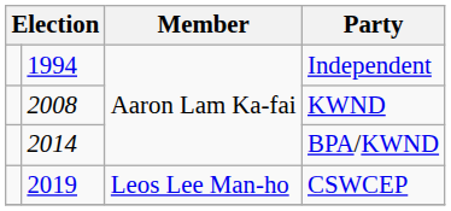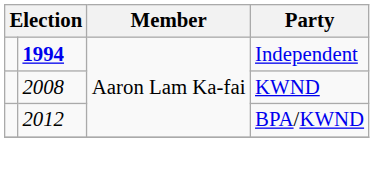 <table class="wikitable">
 <tr>
 <th colspan="2">Election</th>
 <th>Member</th>
 <th>Party</th>
 </tr>
 <tr>
 <td style="background-color: "></td>
-<td><a href='#'>1994</a></td>
+<td><strong><a href='#'>1994</a></strong></td>
 <td rowspan=3>Aaron Lam Ka-fai</td>
 <td><a href='#'>Independent</a></td>
 </tr>
 <tr>
 <td style="background-color: "></td>
 <td><em>2008</em></td>
 <td><a href='#'>KWND</a></td>
 </tr>
 <tr>
 <td style="background-color: "></td>
-<td><em>2014</em></td>
+<td><em>2012</em></td>
 <td><a href='#'>BPA</a>/<a href='#'>KWND</a></td>
-</tr>
-<tr>
-<td style="background-color: "></td>
-<td><a href='#'>2019</a></td>
-<td><a href='#'>Leos Lee Man-ho</a></td>
-<td><a href='#'>CSWCEP</a></td>
 </tr>
 <tr>
 </tr>
 </table>
